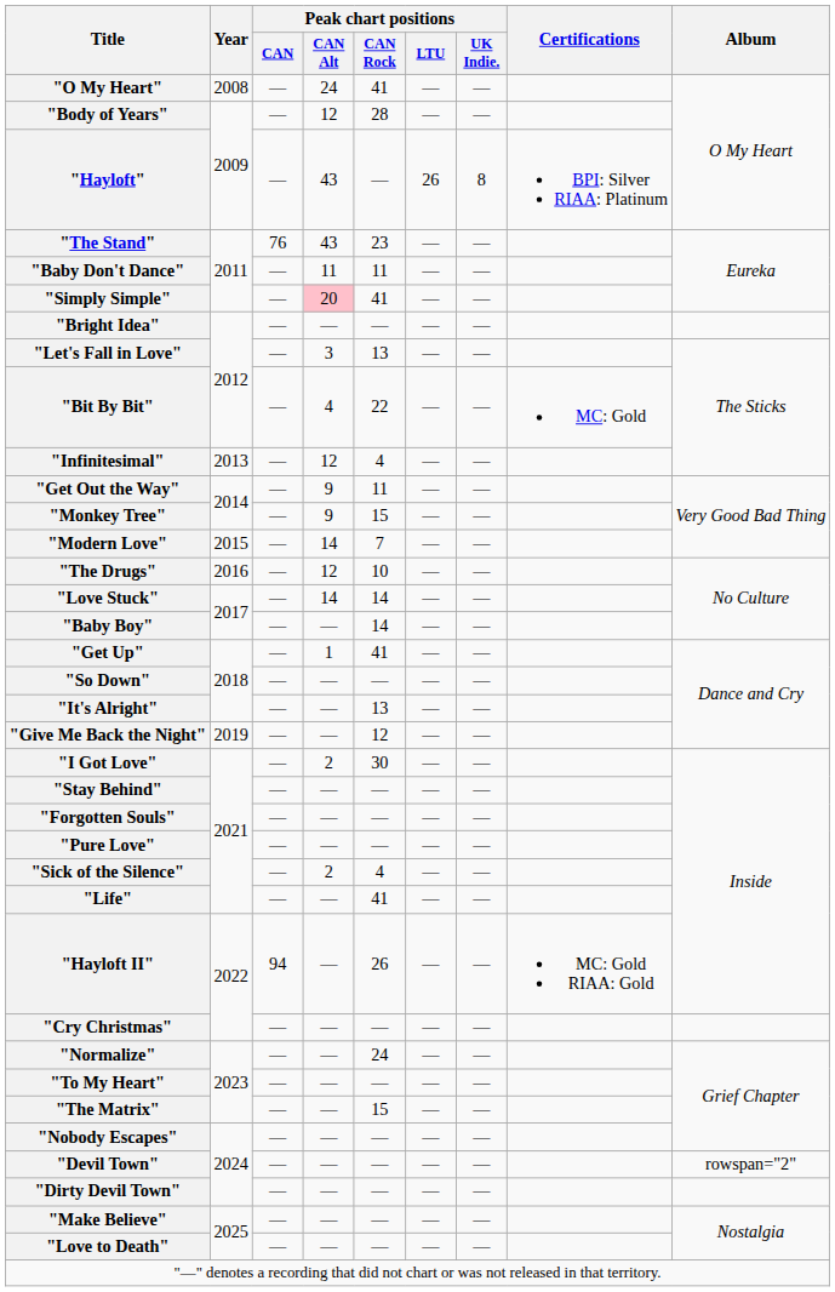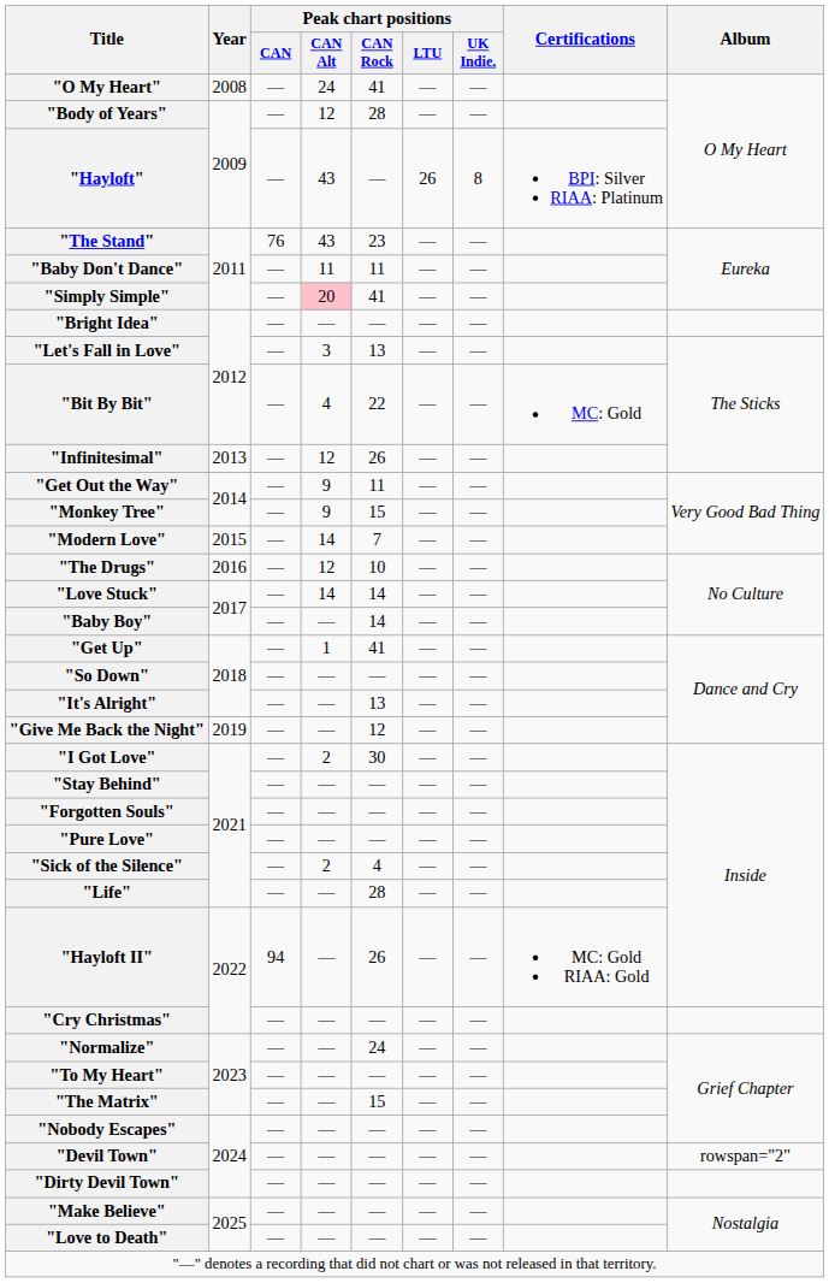 <table class="wikitable plainrowheaders" style="text-align:center;">
 <tr>
 <th scope="col" rowspan="2">Title</th>
 <th scope="col" rowspan="2">Year</th>
 <th scope="col" colspan="5">Peak chart positions</th>
 <th rowspan="2"><a href='#'>Certifications</a></th>
 <th scope="col" rowspan="2">Album</th>
 </tr>
 <tr>
 <th scope="col" style="width:3em;font-size:85%;"><a href='#'>CAN</a><br></th>
 <th scope="col" style="width:3em;font-size:85%;"><a href='#'>CAN<br>Alt</a><br></th>
 <th scope="col" style="width:3em;font-size:85%;"><a href='#'>CAN<br>Rock</a><br></th>
 <th scope="col" style="width:3em;font-size:85%;"><a href='#'>LTU</a><br></th>
 <th scope="col" style="width:3em;font-size:85%;"><a href='#'>UK<br>Indie.</a><br></th>
 </tr>
 <tr>
 <th scope="row">"O My Heart"</th>
 <td>2008</td>
 <td>—</td>
 <td>24</td>
 <td>41</td>
 <td>—</td>
 <td>—</td>
 <td></td>
 <td rowspan="3"><em>O My Heart</em></td>
 </tr>
 <tr>
 <th scope="row">"Body of Years"</th>
 <td rowspan="2">2009</td>
 <td>—</td>
 <td>12</td>
 <td>28</td>
 <td>—</td>
 <td>—</td>
 <td></td>
 </tr>
 <tr>
 <th scope="row">"<a href='#'>Hayloft</a>"</th>
 <td>—</td>
 <td>43</td>
 <td>—</td>
 <td>26</td>
 <td>8</td>
 <td><br><ul><li><a href='#'>BPI</a>: Silver</li><li><a href='#'>RIAA</a>: Platinum</li></ul></td>
 </tr>
 <tr>
 <th scope="row">"<a href='#'>The Stand</a>"</th>
 <td rowspan="3">2011</td>
 <td>76</td>
 <td>43</td>
 <td>23</td>
 <td>—</td>
 <td>—</td>
 <td></td>
 <td rowspan="3"><em>Eureka</em></td>
 </tr>
 <tr>
 <th scope="row">"Baby Don't Dance"</th>
 <td>—</td>
 <td>11</td>
 <td>11</td>
 <td>—</td>
 <td>—</td>
 <td></td>
 </tr>
 <tr>
 <th scope="row">"Simply Simple"</th>
 <td>—</td>
 <td style="background: pink;">20</td>
 <td>41</td>
 <td>—</td>
 <td>—</td>
 <td></td>
 </tr>
 <tr>
 <th scope="row">"Bright Idea"</th>
 <td rowspan="3">2012</td>
 <td>—</td>
 <td>—</td>
 <td>—</td>
 <td>—</td>
 <td>—</td>
 <td></td>
 <td></td>
 </tr>
 <tr>
 <th scope="row">"Let's Fall in Love"</th>
 <td>—</td>
 <td>3</td>
 <td>13</td>
 <td>—</td>
 <td>—</td>
 <td></td>
 <td rowspan="3"><em>The Sticks</em></td>
 </tr>
 <tr>
 <th scope="row">"Bit By Bit"</th>
 <td>—</td>
 <td>4</td>
 <td>22</td>
 <td>—</td>
 <td>—</td>
 <td><br><ul><li><a href='#'>MC</a>: Gold</li></ul></td>
 </tr>
 <tr>
 <th scope="row">"Infinitesimal"</th>
 <td>2013</td>
 <td>—</td>
 <td>12</td>
-<td>4</td>
+<td>26</td>
 <td>—</td>
 <td>—</td>
 <td></td>
 </tr>
 <tr>
 <th scope="row">"Get Out the Way"</th>
 <td rowspan="2">2014</td>
 <td>—</td>
 <td>9</td>
 <td>11</td>
 <td>—</td>
 <td>—</td>
 <td></td>
 <td rowspan="3"><em>Very Good Bad Thing</em></td>
 </tr>
 <tr>
 <th scope="row">"Monkey Tree"</th>
 <td>—</td>
 <td>9</td>
 <td>15</td>
 <td>—</td>
 <td>—</td>
 <td></td>
 </tr>
 <tr>
 <th scope="row">"Modern Love"</th>
 <td>2015</td>
 <td>—</td>
 <td>14</td>
 <td>7</td>
 <td>—</td>
 <td>—</td>
 <td></td>
 </tr>
 <tr>
 <th scope="row">"The Drugs"</th>
 <td>2016</td>
 <td>—</td>
 <td>12</td>
 <td>10</td>
 <td>—</td>
 <td>—</td>
 <td></td>
 <td rowspan="3"><em>No Culture</em></td>
 </tr>
 <tr>
 <th scope="row">"Love Stuck"</th>
 <td rowspan="2">2017</td>
 <td>—</td>
 <td>14</td>
 <td>14</td>
 <td>—</td>
 <td>—</td>
 <td></td>
 </tr>
 <tr>
 <th scope="row">"Baby Boy"</th>
 <td>—</td>
 <td>—</td>
 <td>14</td>
 <td>—</td>
 <td>—</td>
 <td></td>
 </tr>
 <tr>
 <th scope="row">"Get Up"</th>
 <td rowspan="3">2018</td>
 <td>—</td>
 <td>1</td>
 <td>41</td>
 <td>—</td>
 <td>—</td>
 <td></td>
 <td rowspan="4"><em>Dance and Cry</em></td>
 </tr>
 <tr>
 <th scope="row">"So Down"</th>
 <td>—</td>
 <td>—</td>
 <td>—</td>
 <td>—</td>
 <td>—</td>
 <td></td>
 </tr>
 <tr>
 <th scope="row">"It's Alright"</th>
 <td>—</td>
 <td>—</td>
 <td>13</td>
 <td>—</td>
 <td>—</td>
 <td></td>
 </tr>
 <tr>
 <th scope="row">"Give Me Back the Night"</th>
 <td>2019</td>
 <td>—</td>
 <td>—</td>
 <td>12</td>
 <td>—</td>
 <td>—</td>
 <td></td>
 </tr>
 <tr>
 <th scope="row">"I Got Love"</th>
 <td rowspan="6">2021</td>
 <td>—</td>
 <td>2</td>
 <td>30</td>
 <td>—</td>
 <td>—</td>
 <td></td>
 <td rowspan="7"><em>Inside</em></td>
 </tr>
 <tr>
 <th scope="row">"Stay Behind"</th>
 <td>—</td>
 <td>—</td>
 <td>—</td>
 <td>—</td>
 <td>—</td>
 <td></td>
 </tr>
 <tr>
 <th scope="row">"Forgotten Souls"</th>
 <td>—</td>
 <td>—</td>
 <td>—</td>
 <td>—</td>
 <td>—</td>
 <td></td>
 </tr>
 <tr>
 <th scope="row">"Pure Love"</th>
 <td>—</td>
 <td>—</td>
 <td>—</td>
 <td>—</td>
 <td>—</td>
 <td></td>
 </tr>
 <tr>
 <th scope="row">"Sick of the Silence"</th>
 <td>—</td>
 <td>2</td>
 <td>4</td>
 <td>—</td>
 <td>—</td>
 <td></td>
 </tr>
 <tr>
 <th scope="row">"Life"</th>
 <td>—</td>
 <td>—</td>
-<td>41</td>
+<td>28</td>
 <td>—</td>
 <td>—</td>
 <td></td>
 </tr>
 <tr>
 <th scope="row">"Hayloft II"</th>
 <td rowspan="2">2022</td>
 <td>94</td>
 <td>—</td>
 <td>26</td>
 <td>—</td>
 <td>—</td>
 <td><br><ul><li>MC: Gold</li><li>RIAA: Gold</li></ul></td>
 </tr>
 <tr>
 <th scope="row">"Cry Christmas"</th>
 <td>—</td>
 <td>—</td>
 <td>—</td>
 <td>—</td>
 <td>—</td>
 <td></td>
 <td></td>
 </tr>
 <tr>
 <th scope="row">"Normalize"</th>
 <td rowspan="3">2023</td>
 <td>—</td>
 <td>—</td>
 <td>24</td>
 <td>—</td>
 <td>—</td>
 <td></td>
 <td rowspan="4"><em>Grief Chapter</em></td>
 </tr>
 <tr>
 <th scope="row">"To My Heart"</th>
 <td>—</td>
 <td>—</td>
 <td>—</td>
 <td>—</td>
 <td>—</td>
 <td></td>
 </tr>
 <tr>
 <th scope="row">"The Matrix"</th>
 <td>—</td>
 <td>—</td>
 <td>15</td>
 <td>—</td>
 <td>—</td>
 <td></td>
 </tr>
 <tr>
 <th scope="row">"Nobody Escapes"</th>
 <td rowspan="3">2024</td>
 <td>—</td>
 <td>—</td>
 <td>—</td>
 <td>—</td>
 <td>—</td>
 <td></td>
 </tr>
 <tr>
 <th scope="row">"Devil Town"<br></th>
 <td>—</td>
 <td>—</td>
 <td>—</td>
 <td>—</td>
 <td>—</td>
 <td></td>
 <td>rowspan="2" </td>
 </tr>
 <tr>
 <th scope="row">"Dirty Devil Town"<br></th>
 <td>—</td>
 <td>—</td>
 <td>—</td>
 <td>—</td>
 <td>—</td>
 <td></td>
 </tr>
 <tr>
 <th scope="row">"Make Believe"</th>
 <td rowspan="2">2025</td>
 <td>—</td>
 <td>—</td>
 <td>—</td>
 <td>—</td>
 <td>—</td>
 <td></td>
 <td rowspan="2"><em>Nostalgia</em></td>
 </tr>
 <tr>
 <th scope="row">"Love to Death"</th>
 <td>—</td>
 <td>—</td>
 <td>—</td>
 <td>—</td>
 <td>—</td>
 </tr>
 <tr>
 <td colspan="14" style="font-size:90%">"—" denotes a recording that did not chart or was not released in that territory.</td>
 </tr>
 </table>
